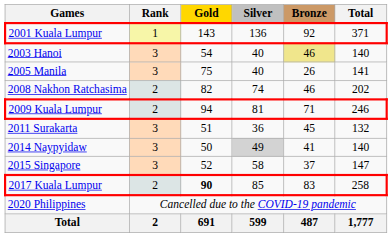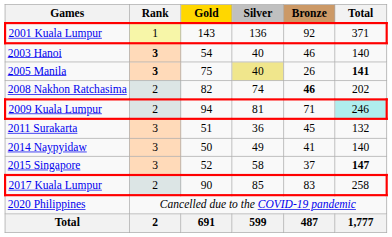 <table class="wikitable sortable" style="margin-top:0em; text-align:center; font-size:100%;">
 <tr>
 <th>Games</th>
 <th style="width:4em;">Rank</th>
 <th style="background:gold; width:4em;"><strong>Gold</strong></th>
 <th style="background:silver; width:4em;"><strong>Silver</strong></th>
 <th style="background:#cc9966; width:4em;"><strong>Bronze</strong></th>
 <th style="width:4em;">Total</th>
 </tr>
 <tr style="border: 3px solid red">
 <td align=left><a href='#'>2001 Kuala Lumpur</a></td>
 <td bgcolor=f7f6a8>1</td>
 <td>143</td>
 <td>136</td>
 <td>92</td>
 <td>371</td>
 </tr>
 <tr>
 <td align=left><a href='#'>2003 Hanoi</a></td>
-<td bgcolor=ffdab9>3</td>
+<td bgcolor=ffdab9><strong>3</strong></td>
 <td>54</td>
 <td>40</td>
-<td style="background: khaki;">46</td>
+<td>46</td>
 <td>140</td>
 </tr>
 <tr>
 <td align=left><a href='#'>2005 Manila</a></td>
-<td bgcolor=ffdab9>3</td>
+<td bgcolor=ffdab9><strong>3</strong></td>
 <td>75</td>
-<td>40</td>
+<td style="background: khaki;">40</td>
 <td>26</td>
-<td>141</td>
+<td><strong>141</strong></td>
 </tr>
 <tr>
 <td align=left><a href='#'>2008 Nakhon Ratchasima</a></td>
 <td bgcolor=dce5e5>2</td>
 <td>82</td>
 <td>74</td>
-<td>46</td>
+<td><strong>46</strong></td>
 <td>202</td>
 </tr>
 <tr style="border: 3px solid red">
 <td align=left><a href='#'>2009 Kuala Lumpur</a></td>
 <td bgcolor=dce5e5>2</td>
 <td>94</td>
 <td>81</td>
 <td>71</td>
-<td>246</td>
+<td style="background: paleturquoise;">246</td>
 </tr>
 <tr>
 <td align=left><a href='#'>2011 Surakarta</a></td>
 <td bgcolor=ffdab9>3</td>
 <td>51</td>
 <td>36</td>
 <td>45</td>
 <td>132</td>
 </tr>
 <tr>
 <td align=left><a href='#'>2014 Naypyidaw</a></td>
 <td bgcolor=ffdab9>3</td>
 <td>50</td>
-<td style="background: lightgrey;">49</td>
+<td>49</td>
 <td>41</td>
 <td>140</td>
 </tr>
 <tr>
 <td align=left><a href='#'>2015 Singapore</a></td>
 <td bgcolor=ffdab9>3</td>
 <td>52</td>
 <td>58</td>
 <td>37</td>
-<td>147</td>
+<td><strong>147</strong></td>
 </tr>
 <tr style="border: 3px solid red">
 <td align=left><a href='#'>2017 Kuala Lumpur</a></td>
 <td bgcolor=dce5e5>2</td>
-<td><strong>90</strong></td>
+<td>90</td>
 <td>85</td>
 <td>83</td>
 <td>258</td>
 </tr>
 <tr>
 <td align=left><a href='#'>2020 Philippines</a></td>
 <td colspan=5><em>Cancelled due to the <a href='#'>COVID-19 pandemic</a></em></td>
 </tr>
 <tr>
 <th>Total</th>
 <th>2</th>
 <th>691</th>
 <th>599</th>
 <th>487</th>
 <th>1,777</th>
 </tr>
 </table>
